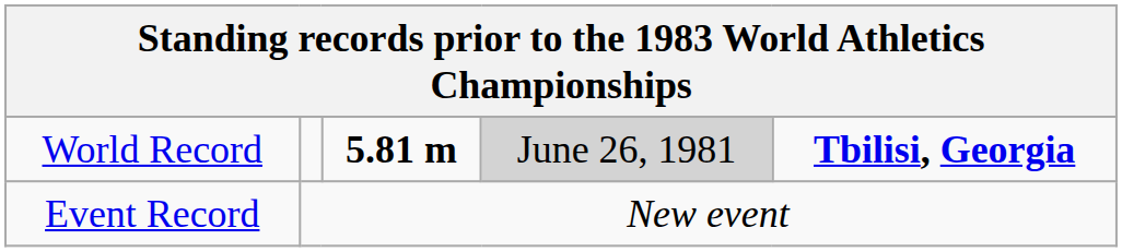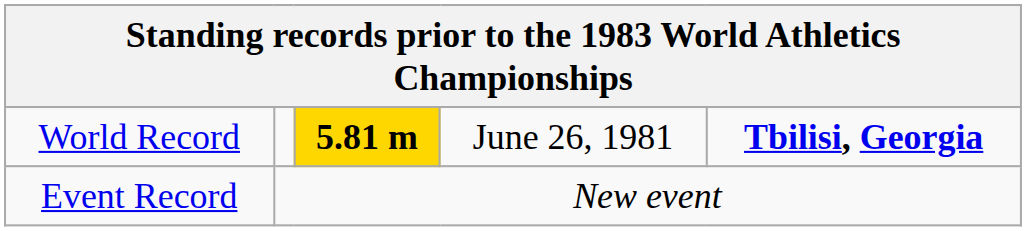 <table class="wikitable" style=" text-align:center; font-size:110%;" width="80%">
 <tr>
 <th colspan="5">Standing records prior to the 1983 World Athletics Championships</th>
 </tr>
 <tr>
 <td><a href='#'>World Record</a></td>
 <td></td>
-<td><strong>5.81 m</strong></td>
-<td style="background: lightgrey;">June 26, 1981</td>
+<td style="background: gold;"><strong>5.81 m</strong></td>
+<td>June 26, 1981</td>
 <td><strong> <a href='#'>Tbilisi</a>, <a href='#'>Georgia</a></strong></td>
 </tr>
 <tr>
 <td><a href='#'>Event Record</a></td>
 <td colspan="4"><em>New event</em></td>
 </tr>
 </table>
